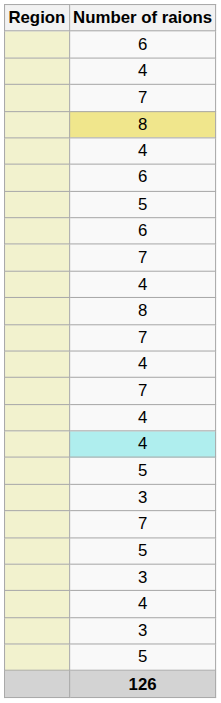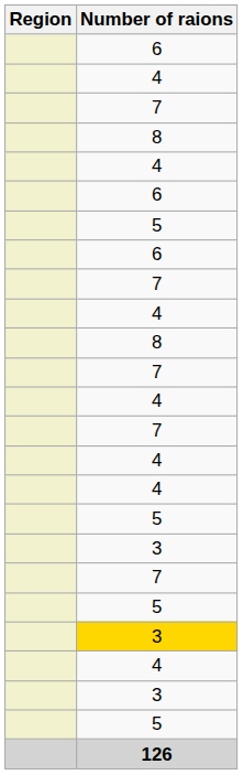 <table class="wikitable sortable">
 <tr>
 <th>Region</th>
 <th>Number of raions</th>
 </tr>
 <tr>
 <td style="background:#F2F2CE; color:black"></td>
 <td align="center">6</td>
 </tr>
 <tr>
 <td style="background:#F2F2CE; color:black"></td>
 <td align="center">4</td>
 </tr>
 <tr>
 <td style="background:#F2F2CE; color:black"></td>
 <td align="center">7</td>
 </tr>
 <tr>
 <td style="background:#F2F2CE; color:black"></td>
-<td align="center" style="background: khaki;">8</td>
+<td align="center">8</td>
 </tr>
 <tr>
 <td style="background:#F2F2CE; color:black"></td>
 <td align="center">4</td>
 </tr>
 <tr>
 <td style="background:#F2F2CE; color:black"></td>
 <td align="center">6</td>
 </tr>
 <tr>
 <td style="background:#F2F2CE; color:black"></td>
 <td align="center">5</td>
 </tr>
 <tr>
 <td style="background:#F2F2CE; color:black"></td>
 <td align="center">6</td>
 </tr>
 <tr>
 <td style="background:#F2F2CE; color:black"></td>
 <td align="center">7</td>
 </tr>
 <tr>
 <td style="background:#F2F2CE; color:black"></td>
 <td align="center">4</td>
 </tr>
 <tr>
 <td style="background:#F2F2CE; color:black"></td>
 <td align="center">8</td>
 </tr>
 <tr>
 <td style="background:#F2F2CE; color:black"></td>
 <td align="center">7</td>
 </tr>
 <tr>
 <td style="background:#F2F2CE; color:black"></td>
 <td align="center">4</td>
 </tr>
 <tr>
 <td style="background:#F2F2CE; color:black"></td>
 <td align="center">7</td>
 </tr>
 <tr>
 <td style="background:#F2F2CE; color:black"></td>
 <td align="center">4</td>
 </tr>
 <tr>
 <td style="background:#F2F2CE; color:black"></td>
-<td align="center" style="background: paleturquoise;">4</td>
+<td align="center">4</td>
 </tr>
 <tr>
 <td style="background:#F2F2CE; color:black"></td>
 <td align="center">5</td>
 </tr>
 <tr>
 <td style="background:#F2F2CE; color:black"></td>
 <td align="center">3</td>
 </tr>
 <tr>
 <td style="background:#F2F2CE; color:black"></td>
 <td align="center">7</td>
 </tr>
 <tr>
 <td style="background:#F2F2CE; color:black"></td>
 <td align="center">5</td>
 </tr>
 <tr>
 <td style="background:#F2F2CE; color:black"></td>
-<td align="center">3</td>
+<td align="center" style="background: gold;">3</td>
 </tr>
 <tr>
 <td style="background:#F2F2CE; color:black"></td>
 <td align="center">4</td>
 </tr>
 <tr>
 <td style="background:#F2F2CE; color:black"></td>
 <td align="center">3</td>
 </tr>
 <tr>
 <td style="background:#F2F2CE; color:black"></td>
 <td align="center">5</td>
 </tr>
 <tr bgcolor="lightgray">
 <td align="center"><strong></strong></td>
 <td align="center"><strong>126</strong></td>
 </tr>
 </table>
